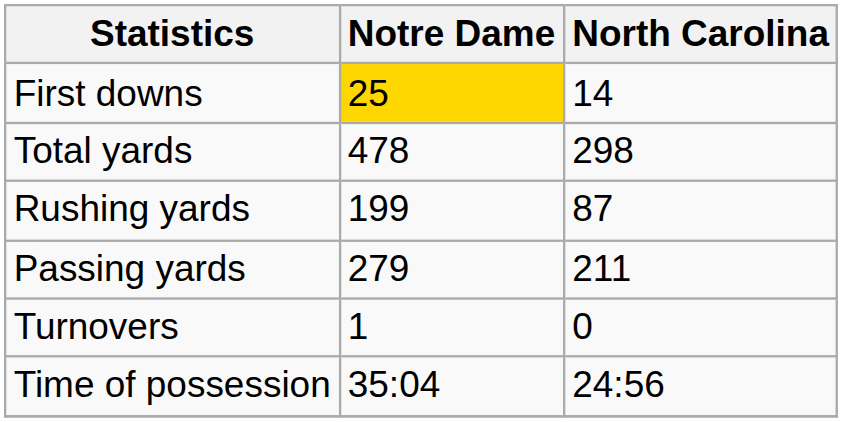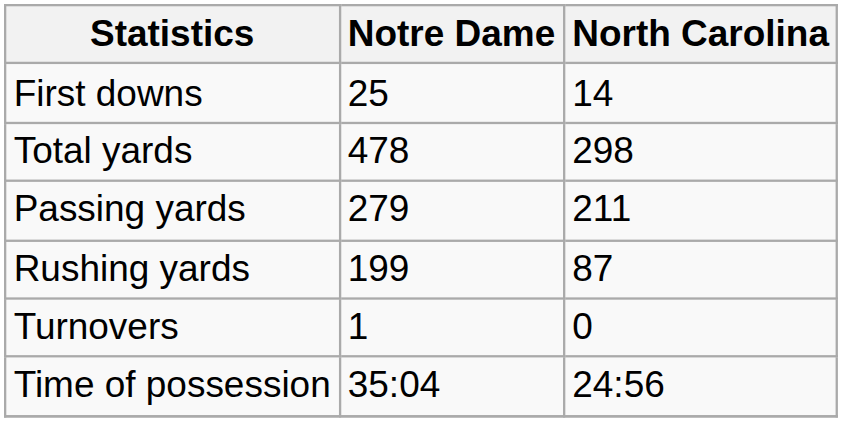 <table class="wikitable">
 <tr>
 <th>Statistics</th>
 <th>Notre Dame</th>
 <th>North Carolina</th>
 </tr>
 <tr>
 <td>First downs</td>
-<td style="background: gold;">25</td>
+<td>25</td>
 <td>14</td>
 </tr>
 <tr>
 <td>Total yards</td>
 <td>478</td>
 <td>298</td>
 </tr>
 <tr>
+<td>Passing yards</td>
+<td>279</td>
+<td>211</td>
+</tr>
+<tr>
 <td>Rushing yards</td>
 <td>199</td>
 <td>87</td>
-</tr>
-<tr>
-<td>Passing yards</td>
-<td>279</td>
-<td>211</td>
 </tr>
 <tr>
 <td>Turnovers</td>
 <td>1</td>
 <td>0</td>
 </tr>
 <tr>
 <td>Time of possession</td>
 <td>35:04</td>
 <td>24:56</td>
 </tr>
 <tr>
 </tr>
 </table>
